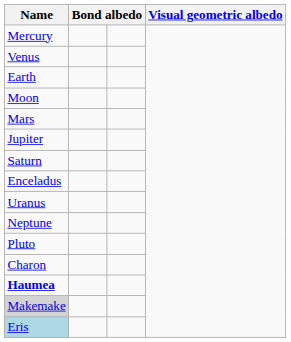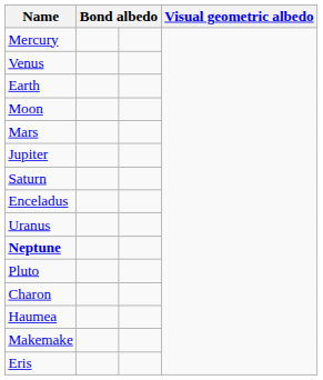 <table class="wikitable sortable">
 <tr>
 <th>Name</th>
 <th colspan="2">Bond albedo</th>
 <th colspan="2"><a href='#'>Visual geometric albedo</a></th>
 </tr>
 <tr>
 <td><a href='#'>Mercury</a></td>
 <td></td>
 <td></td>
 </tr>
 <tr>
 <td><a href='#'>Venus</a></td>
 <td></td>
 <td></td>
 </tr>
 <tr>
 <td><a href='#'>Earth</a></td>
 <td></td>
 <td></td>
 </tr>
 <tr>
 <td><a href='#'>Moon</a></td>
 <td></td>
 <td></td>
 </tr>
 <tr>
 <td><a href='#'>Mars</a>  </td>
 <td></td>
 <td></td>
 </tr>
 <tr>
 <td><a href='#'>Jupiter</a></td>
 <td></td>
 <td></td>
 </tr>
 <tr>
 <td><a href='#'>Saturn</a></td>
 <td></td>
 <td></td>
 </tr>
 <tr>
 <td><a href='#'>Enceladus</a></td>
 <td></td>
 <td></td>
 </tr>
 <tr>
 <td><a href='#'>Uranus</a></td>
 <td></td>
 <td></td>
 </tr>
 <tr>
-<td><a href='#'>Neptune</a></td>
+<td><strong><a href='#'>Neptune</a></strong></td>
 <td></td>
 <td></td>
 </tr>
 <tr>
 <td><a href='#'>Pluto</a></td>
 <td></td>
 <td></td>
 </tr>
 <tr>
 <td><a href='#'>Charon</a></td>
 <td></td>
 <td></td>
 </tr>
 <tr>
-<td><strong><a href='#'>Haumea</a></strong></td>
+<td><a href='#'>Haumea</a></td>
 <td></td>
 <td></td>
 </tr>
 <tr>
-<td style="background: lightgrey;"><a href='#'>Makemake</a></td>
+<td><a href='#'>Makemake</a></td>
 <td></td>
 <td></td>
 </tr>
 <tr>
-<td style="background: lightblue;"><a href='#'>Eris</a></td>
+<td><a href='#'>Eris</a></td>
 <td></td>
 <td></td>
 </tr>
 </table>
